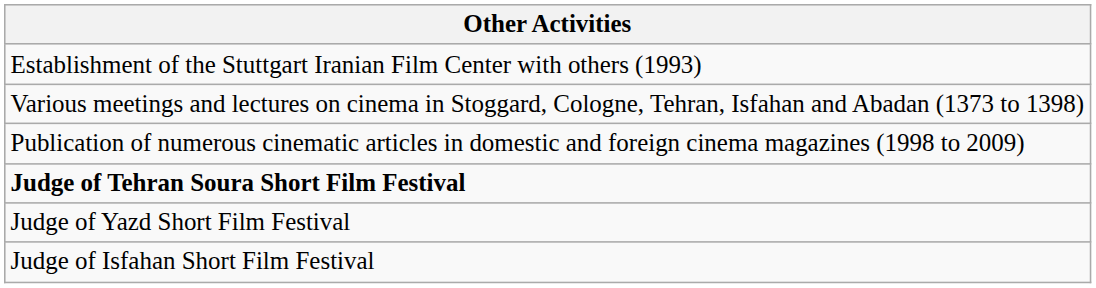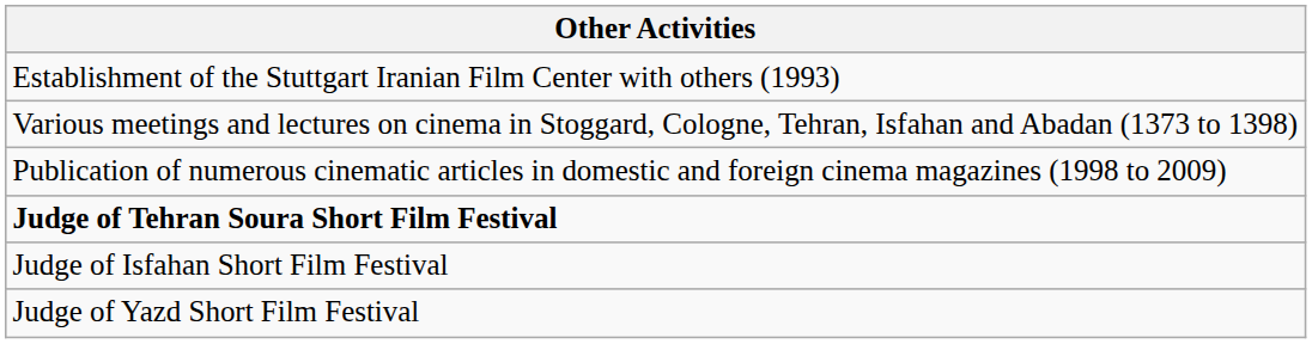 <table class="wikitable">
 <tr>
 <th>Other Activities</th>
 </tr>
 <tr>
 <td>Establishment of the Stuttgart Iranian Film Center with others (1993)</td>
 </tr>
 <tr>
 <td>Various meetings and lectures on cinema in Stoggard, Cologne, Tehran, Isfahan and Abadan (1373 to 1398)</td>
 </tr>
 <tr>
 <td>Publication of numerous cinematic articles in domestic and foreign cinema magazines (1998 to 2009)</td>
 </tr>
 <tr>
 <td><strong>Judge of Tehran Soura Short Film Festival</strong></td>
 </tr>
 <tr>
+<td>Judge of Isfahan Short Film Festival</td>
+</tr>
+<tr>
 <td>Judge of Yazd Short Film Festival</td>
 </tr>
-<tr>
-<td>Judge of Isfahan Short Film Festival</td>
-</tr>
 </table>
